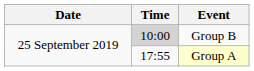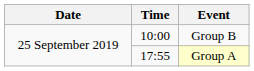 <table class = "wikitable" style="text-align:center;">
 <tr>
 <th width=150>Date</th>
 <th width=50>Time</th>
 <th width=80>Event</th>
 </tr>
 <tr>
 <td rowspan=2>25 September 2019</td>
-<td style="background: lightgrey;">10:00</td>
+<td>10:00</td>
 <td>Group B</td>
 </tr>
 <tr>
 <td>17:55</td>
 <td bgcolor="ffffcc">Group A</td>
 </tr>
 </table>
